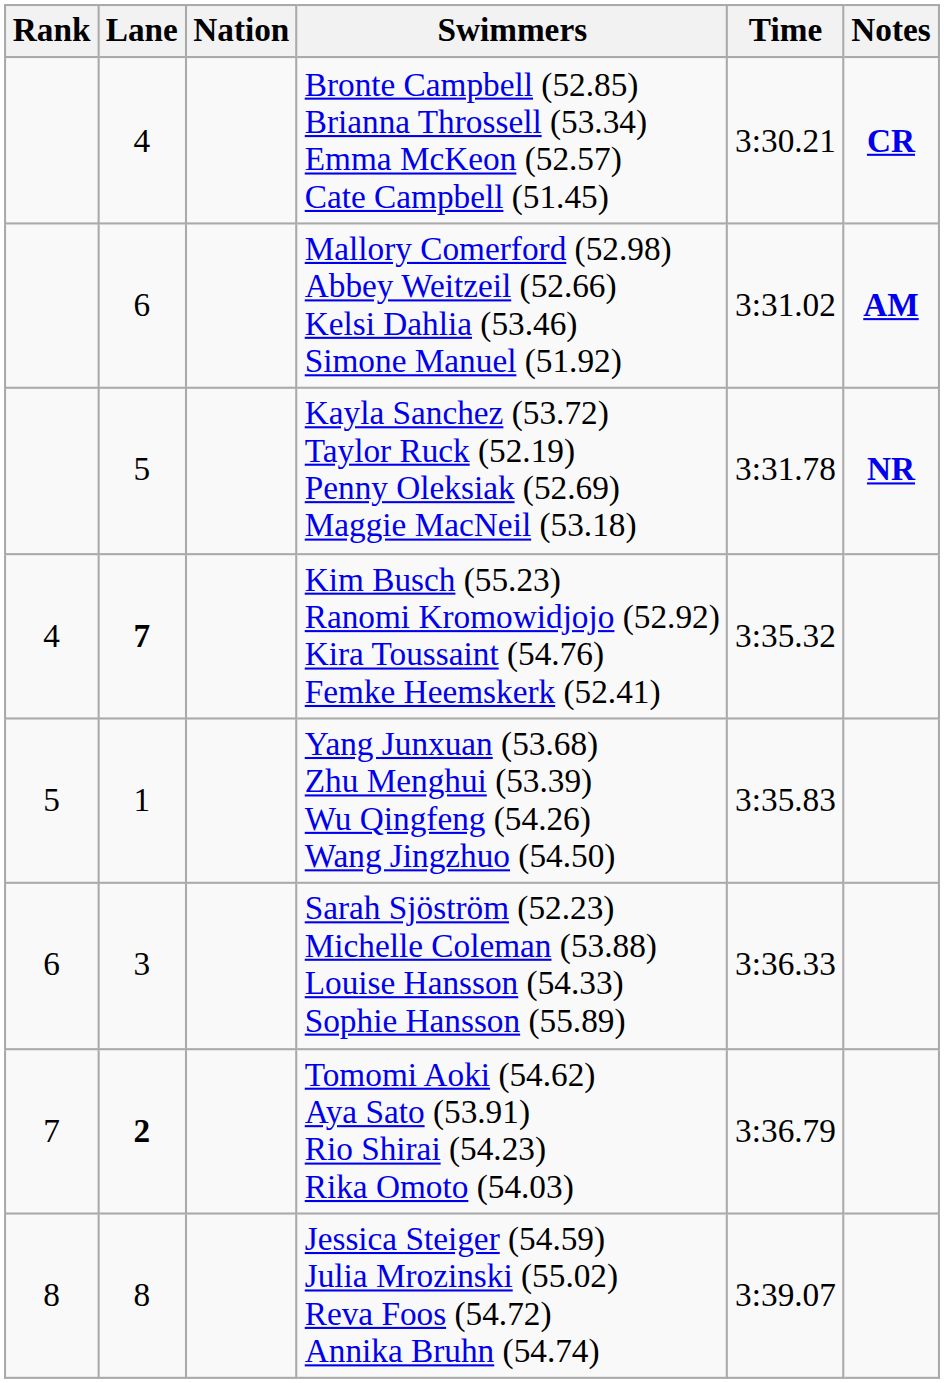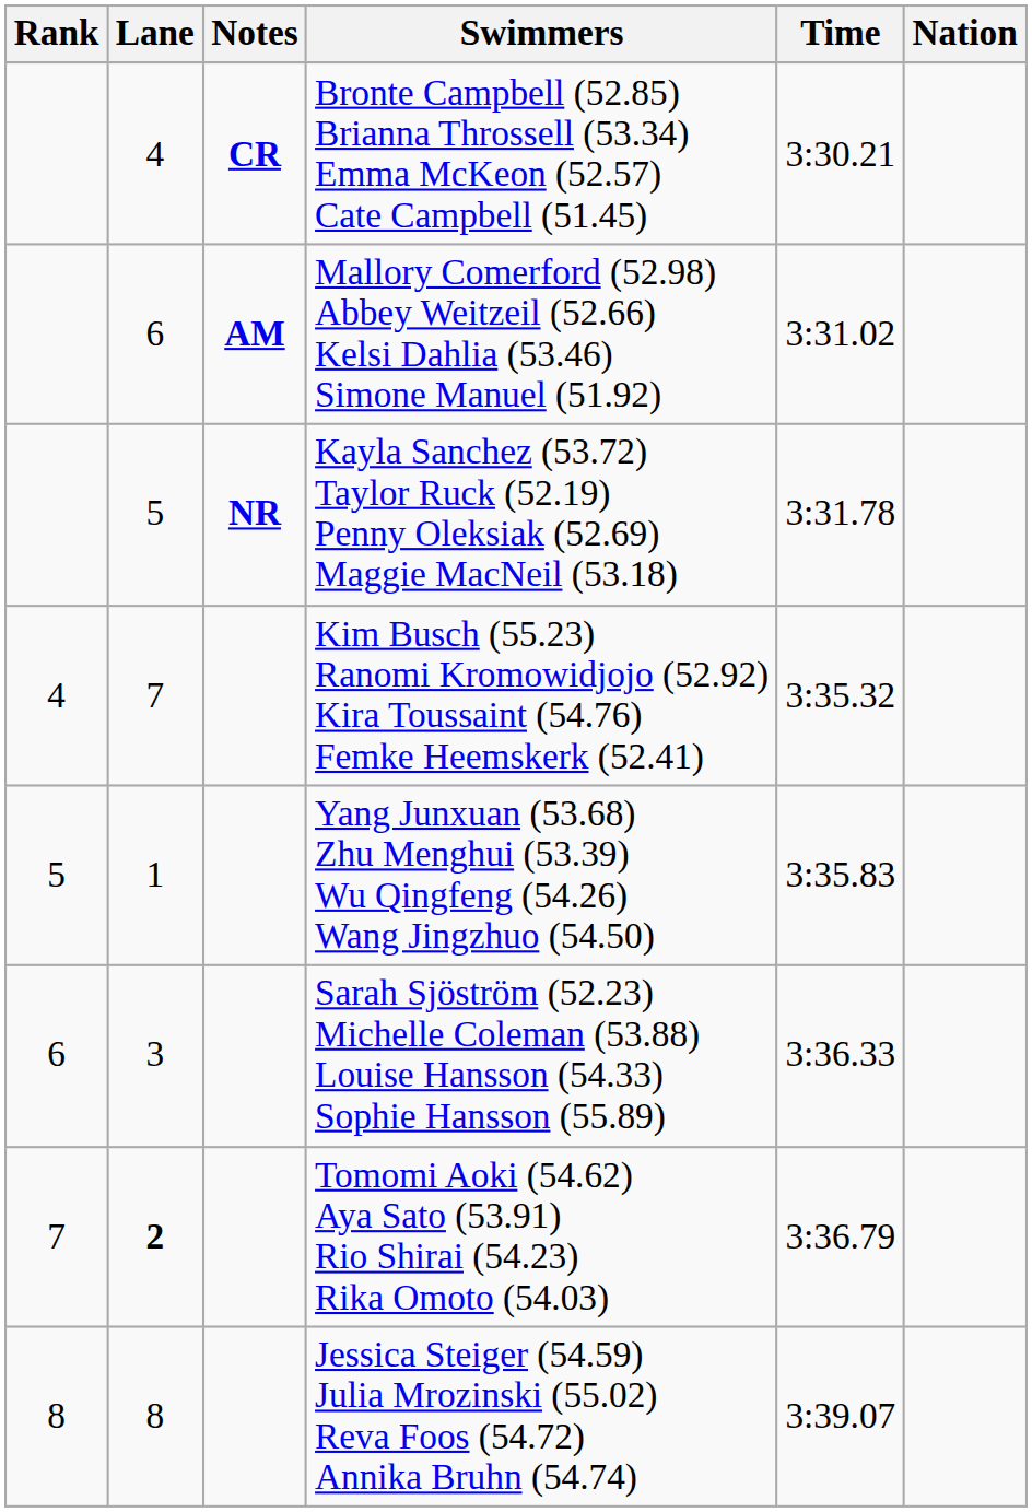 <table class="wikitable sortable" style="text-align:center">
 <tr>
 <th>Rank</th>
 <th>Lane</th>
-<th>Nation</th>
+<th>Notes</th>
 <th>Swimmers</th>
 <th>Time</th>
-<th>Notes</th>
+<th>Nation</th>
 </tr>
 <tr>
 <td></td>
 <td>4</td>
-<td align=left></td>
+<td><strong><a href='#'>CR</a></strong></td>
 <td align=left><a href='#'>Bronte Campbell</a> (52.85)<br><a href='#'>Brianna Throssell</a> (53.34)<br><a href='#'>Emma McKeon</a> (52.57)<br><a href='#'>Cate Campbell</a> (51.45)</td>
 <td>3:30.21</td>
-<td><strong><a href='#'>CR</a></strong></td>
+<td align=left></td>
 </tr>
 <tr>
 <td></td>
 <td>6</td>
-<td align=left></td>
+<td><strong><a href='#'>AM</a></strong></td>
 <td align=left><a href='#'>Mallory Comerford</a> (52.98)<br><a href='#'>Abbey Weitzeil</a> (52.66)<br><a href='#'>Kelsi Dahlia</a> (53.46)<br><a href='#'>Simone Manuel</a> (51.92)</td>
 <td>3:31.02</td>
-<td><strong><a href='#'>AM</a></strong></td>
+<td align=left></td>
 </tr>
 <tr>
 <td></td>
 <td>5</td>
-<td align=left></td>
+<td><strong><a href='#'>NR</a></strong></td>
 <td align=left><a href='#'>Kayla Sanchez</a> (53.72)<br><a href='#'>Taylor Ruck</a> (52.19)<br><a href='#'>Penny Oleksiak</a> (52.69)<br><a href='#'>Maggie MacNeil</a> (53.18)</td>
 <td>3:31.78</td>
-<td><strong><a href='#'>NR</a></strong></td>
+<td align=left></td>
 </tr>
 <tr>
 <td>4</td>
-<td><strong>7</strong></td>
-<td align=left></td>
+<td>7</td>
+<td></td>
 <td align=left><a href='#'>Kim Busch</a> (55.23)<br><a href='#'>Ranomi Kromowidjojo</a> (52.92)<br><a href='#'>Kira Toussaint</a> (54.76)<br><a href='#'>Femke Heemskerk</a> (52.41)</td>
 <td>3:35.32</td>
-<td></td>
+<td align=left></td>
 </tr>
 <tr>
 <td>5</td>
 <td>1</td>
-<td align=left></td>
+<td></td>
 <td align=left><a href='#'>Yang Junxuan</a> (53.68)<br><a href='#'>Zhu Menghui</a> (53.39)<br><a href='#'>Wu Qingfeng</a> (54.26)<br><a href='#'>Wang Jingzhuo</a> (54.50)</td>
 <td>3:35.83</td>
-<td></td>
+<td align=left></td>
 </tr>
 <tr>
 <td>6</td>
 <td>3</td>
-<td align=left></td>
+<td></td>
 <td align=left><a href='#'>Sarah Sjöström</a> (52.23)<br><a href='#'>Michelle Coleman</a> (53.88)<br><a href='#'>Louise Hansson</a> (54.33)<br><a href='#'>Sophie Hansson</a> (55.89)</td>
 <td>3:36.33</td>
-<td></td>
+<td align=left></td>
 </tr>
 <tr>
 <td>7</td>
 <td><strong>2</strong></td>
-<td align=left></td>
+<td></td>
 <td align=left><a href='#'>Tomomi Aoki</a> (54.62)<br><a href='#'>Aya Sato</a> (53.91)<br><a href='#'>Rio Shirai</a> (54.23)<br><a href='#'>Rika Omoto</a> (54.03)</td>
 <td>3:36.79</td>
-<td></td>
+<td align=left></td>
 </tr>
 <tr>
 <td>8</td>
 <td>8</td>
-<td align=left></td>
+<td></td>
 <td align=left><a href='#'>Jessica Steiger</a> (54.59)<br><a href='#'>Julia Mrozinski</a> (55.02)<br><a href='#'>Reva Foos</a> (54.72)<br><a href='#'>Annika Bruhn</a> (54.74)</td>
 <td>3:39.07</td>
-<td></td>
+<td align=left></td>
 </tr>
 </table>
